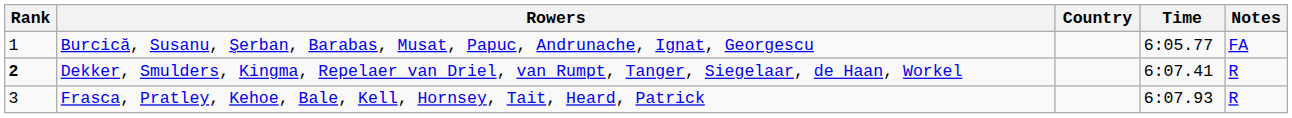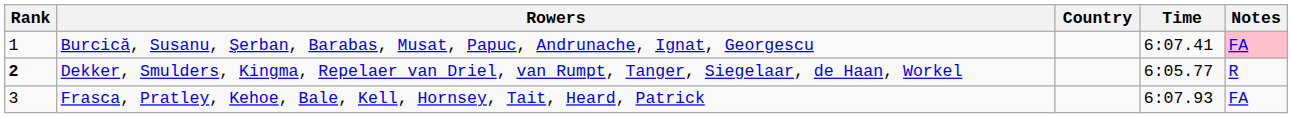 <table class="wikitable" width=80%>
 <tr>
 <th>Rank</th>
 <th>Rowers</th>
 <th>Country</th>
 <th>Time</th>
 <th>Notes</th>
 </tr>
 <tr>
 <td>1</td>
 <td><a href='#'>Burcică</a>, <a href='#'>Susanu</a>, <a href='#'>Şerban</a>, <a href='#'>Barabas</a>, <a href='#'>Musat</a>, <a href='#'>Papuc</a>, <a href='#'>Andrunache</a>, <a href='#'>Ignat</a>, <a href='#'>Georgescu</a></td>
 <td></td>
-<td>6:05.77</td>
-<td><a href='#'>FA</a></td>
+<td>6:07.41</td>
+<td style="background: pink;"><a href='#'>FA</a></td>
 </tr>
 <tr>
 <td><strong>2</strong></td>
 <td><a href='#'>Dekker</a>, <a href='#'>Smulders</a>, <a href='#'>Kingma</a>, <a href='#'>Repelaer van Driel</a>, <a href='#'>van Rumpt</a>, <a href='#'>Tanger</a>, <a href='#'>Siegelaar</a>, <a href='#'>de Haan</a>,  <a href='#'>Workel</a></td>
 <td></td>
-<td>6:07.41</td>
+<td>6:05.77</td>
 <td><a href='#'>R</a></td>
 </tr>
 <tr>
 <td>3</td>
 <td><a href='#'>Frasca</a>, <a href='#'>Pratley</a>, <a href='#'>Kehoe</a>, <a href='#'>Bale</a>, <a href='#'>Kell</a>, <a href='#'>Hornsey</a>, <a href='#'>Tait</a>, <a href='#'>Heard</a>, <a href='#'>Patrick</a></td>
 <td></td>
 <td>6:07.93</td>
-<td><a href='#'>R</a></td>
+<td><a href='#'>FA</a></td>
 </tr>
 </table>
